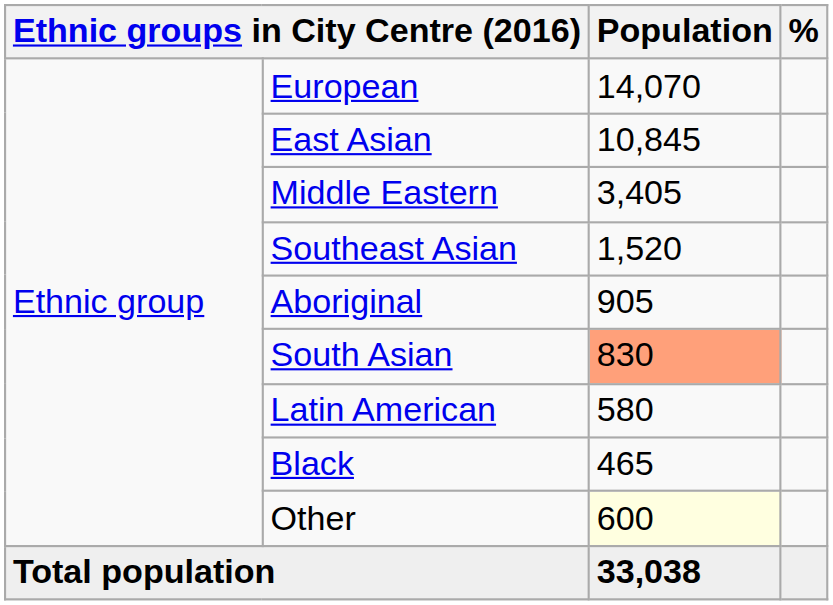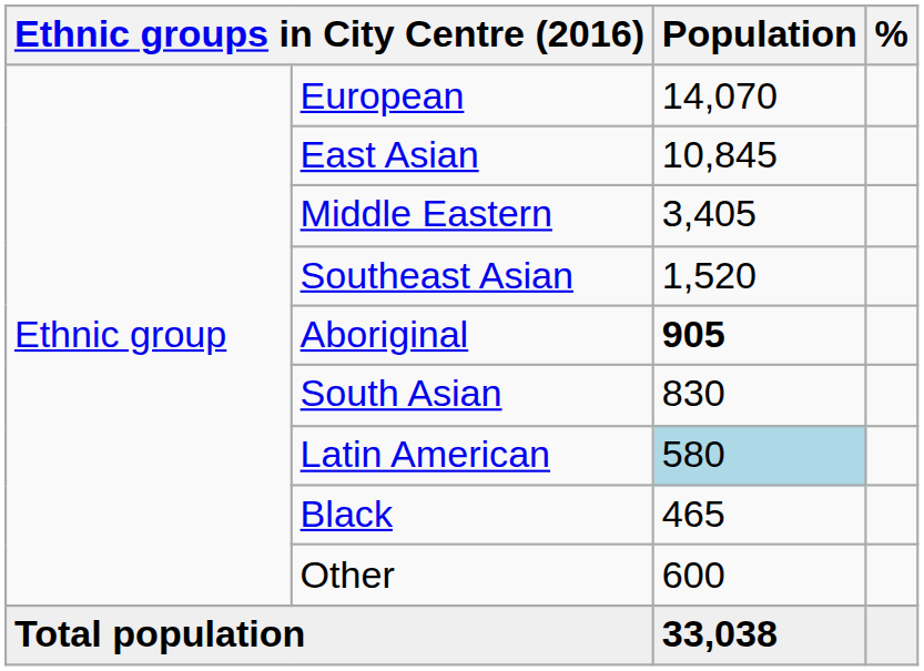 <table class="wikitable">
 <tr>
 <th colspan=2><a href='#'>Ethnic groups</a> in City Centre (2016)<br></th>
 <th>Population</th>
 <th>%</th>
 </tr>
 <tr>
 <td rowspan=9><a href='#'>Ethnic group</a></td>
 <td><a href='#'>European</a></td>
 <td>14,070</td>
 <td></td>
 </tr>
 <tr>
 <td><a href='#'>East Asian</a></td>
 <td>10,845</td>
 <td></td>
 </tr>
 <tr>
 <td><a href='#'>Middle Eastern</a></td>
 <td>3,405</td>
 <td></td>
 </tr>
 <tr>
 <td><a href='#'>Southeast Asian</a></td>
 <td>1,520</td>
 <td></td>
 </tr>
 <tr>
 <td><a href='#'>Aboriginal</a></td>
-<td>905</td>
+<td><strong>905</strong></td>
 <td></td>
 </tr>
 <tr>
 <td><a href='#'>South Asian</a></td>
-<td style="background: lightsalmon;">830</td>
+<td>830</td>
 <td></td>
 </tr>
 <tr>
 <td><a href='#'>Latin American</a></td>
-<td>580</td>
+<td style="background: lightblue;">580</td>
 <td></td>
 </tr>
 <tr>
 <td><a href='#'>Black</a></td>
 <td>465</td>
 <td></td>
 </tr>
 <tr>
 <td>Other</td>
-<td style="background: lightyellow;">600</td>
+<td>600</td>
 <td></td>
 </tr>
 <tr style="background:#efefef; font-weight:bold">
 <td colspan=2>Total population</td>
 <td>33,038</td>
 <td></td>
 </tr>
 </table>
